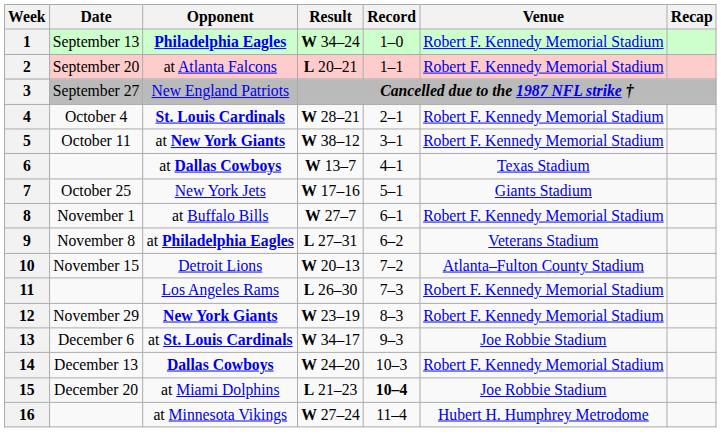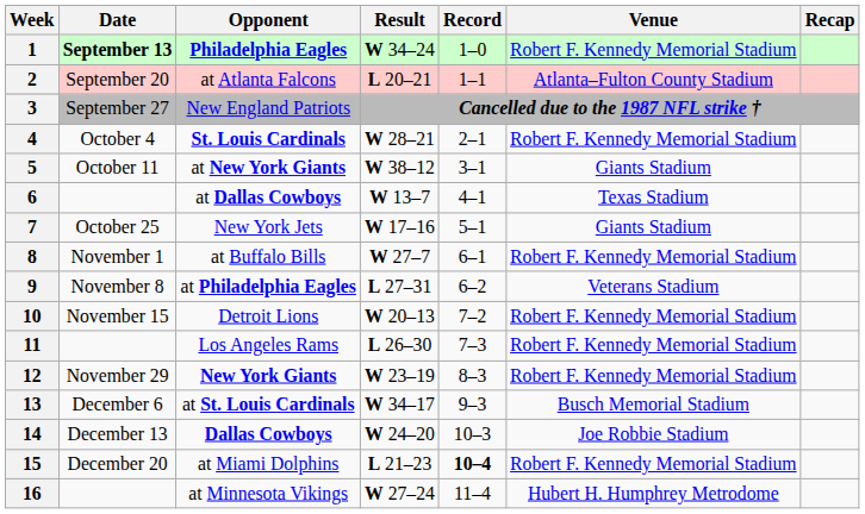 <table class="wikitable" style="text-align:center">
 <tr>
 <th>Week</th>
 <th>Date</th>
 <th>Opponent</th>
 <th>Result</th>
 <th>Record</th>
 <th>Venue</th>
 <th>Recap</th>
 </tr>
 <tr style="background: #cfc;">
 <th>1</th>
-<td>September 13</td>
+<td><strong>September 13</strong></td>
 <td><strong><a href='#'>Philadelphia Eagles</a></strong></td>
 <td><strong>W</strong> 34–24</td>
 <td>1–0</td>
 <td><a href='#'>Robert F. Kennedy Memorial Stadium</a></td>
 <td></td>
 </tr>
 <tr style="background: #fcc;">
 <th>2</th>
 <td>September 20</td>
 <td>at <a href='#'>Atlanta Falcons</a></td>
 <td><strong>L</strong> 20–21</td>
 <td>1–1</td>
-<td><a href='#'>Robert F. Kennedy Memorial Stadium</a></td>
+<td><a href='#'>Atlanta–Fulton County Stadium</a></td>
 <td></td>
 </tr>
 <tr style="background:#bababa">
 <th>3</th>
 <td>September 27</td>
 <td><a href='#'>New England Patriots</a></td>
 <td colspan=4><strong><em>Cancelled due to the <a href='#'>1987 NFL strike</a> †</em></strong></td>
 </tr>
 <tr -style="background: #cfc;">
 <th>4</th>
 <td>October 4</td>
 <td><strong><a href='#'>St. Louis Cardinals</a></strong></td>
 <td><strong>W</strong> 28–21</td>
 <td>2–1</td>
 <td><a href='#'>Robert F. Kennedy Memorial Stadium</a></td>
 <td></td>
 </tr>
 <tr -style="background: #cfc;">
 <th>5</th>
 <td>October 11</td>
 <td>at <strong><a href='#'>New York Giants</a></strong></td>
 <td><strong>W</strong> 38–12</td>
 <td>3–1</td>
-<td><a href='#'>Robert F. Kennedy Memorial Stadium</a></td>
+<td><a href='#'>Giants Stadium</a></td>
 <td></td>
 </tr>
 <tr -style="background: #cfc;">
 <th>6</th>
 <td></td>
 <td>at <strong><a href='#'>Dallas Cowboys</a></strong></td>
 <td><strong>W</strong> 13–7</td>
 <td>4–1</td>
 <td><a href='#'>Texas Stadium</a></td>
 <td></td>
 </tr>
 <tr -style="background: #cfc;">
 <th>7</th>
 <td>October 25</td>
 <td><a href='#'>New York Jets</a></td>
 <td><strong>W</strong> 17–16</td>
 <td>5–1</td>
 <td><a href='#'>Giants Stadium</a></td>
 <td></td>
 </tr>
 <tr -style="background: #cfc;">
 <th>8</th>
 <td>November 1</td>
 <td>at <a href='#'>Buffalo Bills</a></td>
 <td><strong>W</strong> 27–7</td>
 <td>6–1</td>
 <td><a href='#'>Robert F. Kennedy Memorial Stadium</a></td>
 <td></td>
 </tr>
 <tr -style="background: #fcc;">
 <th>9</th>
 <td>November 8</td>
 <td>at <strong><a href='#'>Philadelphia Eagles</a></strong></td>
 <td><strong>L</strong> 27–31</td>
 <td>6–2</td>
 <td><a href='#'>Veterans Stadium</a></td>
 <td></td>
 </tr>
 <tr -style="background: #cfc;">
 <th>10</th>
 <td>November 15</td>
 <td><a href='#'>Detroit Lions</a></td>
 <td><strong>W</strong> 20–13</td>
 <td>7–2</td>
-<td><a href='#'>Atlanta–Fulton County Stadium</a></td>
+<td><a href='#'>Robert F. Kennedy Memorial Stadium</a></td>
 <td></td>
 </tr>
 <tr -style="background: #fcc;">
 <th>11</th>
 <td></td>
 <td><a href='#'>Los Angeles Rams</a></td>
 <td><strong>L</strong> 26–30</td>
 <td>7–3</td>
 <td><a href='#'>Robert F. Kennedy Memorial Stadium</a></td>
 <td></td>
 </tr>
 <tr -style="background: #cfc;">
 <th>12</th>
 <td>November 29</td>
 <td><strong><a href='#'>New York Giants</a></strong></td>
 <td><strong>W</strong> 23–19</td>
 <td>8–3</td>
 <td><a href='#'>Robert F. Kennedy Memorial Stadium</a></td>
 <td></td>
 </tr>
 <tr -style="background: #cfc;">
 <th>13</th>
 <td>December 6</td>
 <td>at <strong><a href='#'>St. Louis Cardinals</a></strong></td>
 <td><strong>W</strong> 34–17</td>
 <td>9–3</td>
-<td><a href='#'>Joe Robbie Stadium</a></td>
+<td><a href='#'>Busch Memorial Stadium</a></td>
 <td></td>
 </tr>
 <tr -style="background: #cfc">
 <th>14</th>
 <td>December 13</td>
 <td><strong><a href='#'>Dallas Cowboys</a></strong></td>
 <td><strong>W</strong> 24–20</td>
 <td>10–3</td>
-<td><a href='#'>Robert F. Kennedy Memorial Stadium</a></td>
+<td><a href='#'>Joe Robbie Stadium</a></td>
 <td></td>
 </tr>
 <tr -style="background: #fcc;">
 <th>15</th>
 <td>December 20</td>
 <td>at <a href='#'>Miami Dolphins</a></td>
 <td><strong>L</strong> 21–23</td>
 <td><strong>10–4</strong></td>
-<td><a href='#'>Joe Robbie Stadium</a></td>
+<td><a href='#'>Robert F. Kennedy Memorial Stadium</a></td>
 <td></td>
 </tr>
 <tr -style="background: #cfc;">
 <th>16</th>
 <td></td>
 <td>at <a href='#'>Minnesota Vikings</a></td>
 <td><strong>W</strong> 27–24 </td>
 <td>11–4</td>
 <td><a href='#'>Hubert H. Humphrey Metrodome</a></td>
 <td></td>
 </tr>
 </table>
